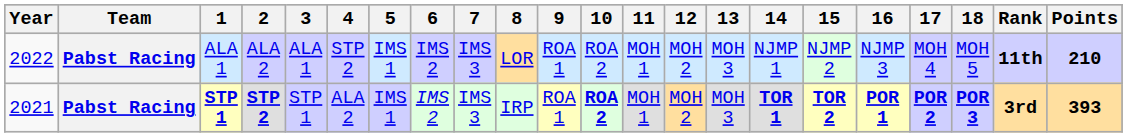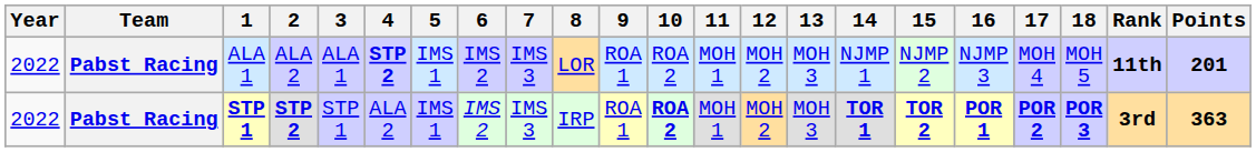 <table class="wikitable" style="text-align:center; font-size:85%">
 <tr>
 <th>Year</th>
 <th>Team</th>
 <th>1</th>
 <th>2</th>
 <th>3</th>
 <th>4</th>
 <th>5</th>
 <th>6</th>
 <th>7</th>
 <th>8</th>
 <th>9</th>
 <th>10</th>
 <th>11</th>
 <th>12</th>
 <th>13</th>
 <th>14</th>
 <th>15</th>
 <th>16</th>
 <th>17</th>
 <th>18</th>
 <th>Rank</th>
 <th>Points</th>
 </tr>
 <tr>
 <td><a href='#'>2022</a></td>
 <th nowrap><a href='#'>Pabst Racing</a></th>
 <td style="background:#CFEAFF;"><a href='#'>ALA<br>1</a><br></td>
 <td style="background:#CFCFFF;"><a href='#'>ALA<br>2</a><br></td>
 <td style="background:#CFCFFF;"><a href='#'>ALA<br>1</a><br></td>
-<td style="background:#CFCFFF;"><a href='#'>STP<br>2</a><br></td>
+<td style="background:#CFCFFF;"><strong><a href='#'>STP<br>2</a><br></strong></td>
 <td style="background:#CFEAFF;"><a href='#'>IMS<br>1</a><br></td>
 <td style="background:#CFCFFF;"><a href='#'>IMS<br>2</a><br></td>
 <td style="background:#CFCFFF;"><a href='#'>IMS<br>3</a><br></td>
 <td style="background:#FFDF9F;"><a href='#'>LOR</a><br></td>
 <td style="background:#CFEAFF;"><a href='#'>ROA<br>1</a><br></td>
 <td style="background:#CFEAFF;"><a href='#'>ROA<br>2</a><br></td>
 <td style="background:#CFEAFF;"><a href='#'>MOH<br>1</a><br></td>
 <td style="background:#CFEAFF;"><a href='#'>MOH<br>2</a><br></td>
 <td style="background:#CFEAFF;"><a href='#'>MOH<br>3</a><br></td>
 <td style="background:#CFEAFF;"><a href='#'>NJMP<br>1</a><br></td>
 <td style="background:#DFFFDF;"><a href='#'>NJMP<br>2</a><br></td>
 <td style="background:#CFEAFF;"><a href='#'>NJMP<br>3</a><br></td>
 <td style="background:#CFCFFF;"><a href='#'>MOH<br>4</a><br></td>
 <td style="background:#CFCFFF;"><a href='#'>MOH<br>5</a><br></td>
 <th style="background:#CFCFFF;">11th</th>
-<th style="background:#CFCFFF;">210</th>
+<th style="background:#CFCFFF;">201</th>
 </tr>
 <tr>
-<td><a href='#'>2021</a></td>
+<td><a href='#'>2022</a></td>
 <th nowrap><a href='#'>Pabst Racing</a></th>
 <td style="background:#FFFFBF;"><strong><a href='#'>STP<br>1</a><br></strong></td>
 <td style="background:#DFDFDF;"><strong><a href='#'>STP<br>2</a></strong><br></td>
 <td style="background:#CFCFFF;"><a href='#'>STP<br>1</a><br></td>
 <td style="background:#CFCFFF;"><a href='#'>ALA<br>2</a><br></td>
 <td style="background:#CFCFFF;"><a href='#'>IMS<br>1</a><br></td>
 <td style="background:#DFFFDF;"><em><a href='#'>IMS<br>2</a></em><br></td>
 <td style="background:#DFFFDF;"><a href='#'>IMS<br>3</a><br></td>
 <td style="background:#DFFFDF;"><a href='#'>IRP</a><br></td>
 <td style="background:#FFFFBF;"><a href='#'>ROA<br>1</a><br></td>
 <td style="background:#DFFFDF;"><strong><a href='#'>ROA<br>2</a><br></strong></td>
 <td style="background:#DFDFDF;"><a href='#'>MOH<br>1</a><br></td>
 <td style="background:#FFDF9F;"><a href='#'>MOH<br>2</a><br></td>
 <td style="background:#DFDFDF;"><a href='#'>MOH<br>3</a><br></td>
 <td style="background:#DFDFDF;"><strong><a href='#'>TOR<br>1</a></strong><br></td>
 <td style="background:#FFFFBF;"><strong><a href='#'>TOR<br>2</a></strong><br></td>
 <td style="background:#FFFFBF;"><strong><a href='#'>POR<br>1</a></strong><br></td>
 <td style="background:#CFCFFF;"><strong><a href='#'>POR<br>2</a></strong><br></td>
 <td style="background:#CFCFFF;"><strong><a href='#'>POR<br>3</a></strong><br></td>
 <th style="background:#FFDF9F;">3rd</th>
-<th style="background:#FFDF9F;">393</th>
+<th style="background:#FFDF9F;">363</th>
 </tr>
 </table>
